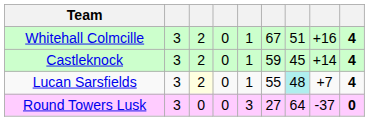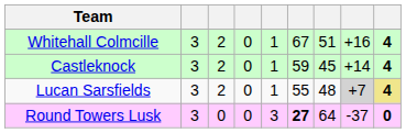 <table class="wikitable" style="text-align:center">
 <tr>
 <th style="width:175px;">Team</th>
 <th width="20"></th>
 <th width="20"></th>
 <th width="20"></th>
 <th width="20"></th>
 <th width="20"></th>
 <th width="20"></th>
 <th width="20"></th>
 <th width="20"></th>
 </tr>
 <tr style="background:#cfc;">
 <td><a href='#'>Whitehall Colmcille</a></td>
 <td>3</td>
 <td>2</td>
 <td>0</td>
 <td>1</td>
 <td>67</td>
 <td>51</td>
 <td>+16</td>
 <td><strong>4</strong></td>
 </tr>
 <tr style="background:#cfc;">
 <td><a href='#'>Castleknock</a></td>
 <td>3</td>
 <td>2</td>
 <td>0</td>
 <td>1</td>
 <td>59</td>
 <td>45</td>
 <td>+14</td>
 <td><strong>4</strong></td>
 </tr>
 <tr>
 <td><a href='#'>Lucan Sarsfields</a></td>
 <td>3</td>
-<td style="background: lightyellow;">2</td>
+<td>2</td>
 <td>0</td>
 <td>1</td>
 <td>55</td>
-<td style="background: paleturquoise;">48</td>
-<td>+7</td>
-<td><strong>4</strong></td>
+<td>48</td>
+<td style="background: lightgrey;">+7</td>
+<td style="background: khaki;"><strong>4</strong></td>
 </tr>
 <tr style="background:#fcf;">
 <td><a href='#'>Round Towers Lusk</a></td>
 <td>3</td>
 <td>0</td>
 <td>0</td>
 <td>3</td>
-<td>27</td>
+<td><strong>27</strong></td>
 <td>64</td>
 <td>-37</td>
 <td><strong>0</strong></td>
 </tr>
 </table>
